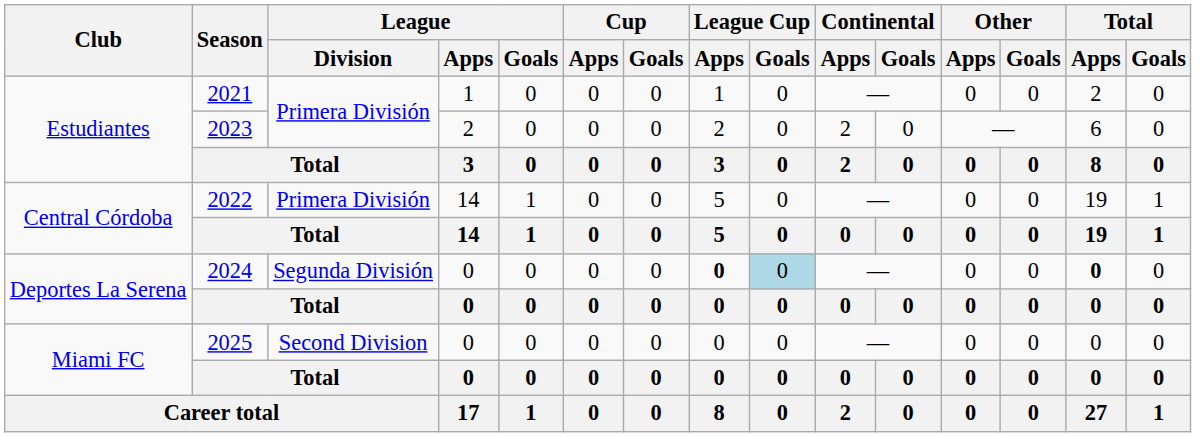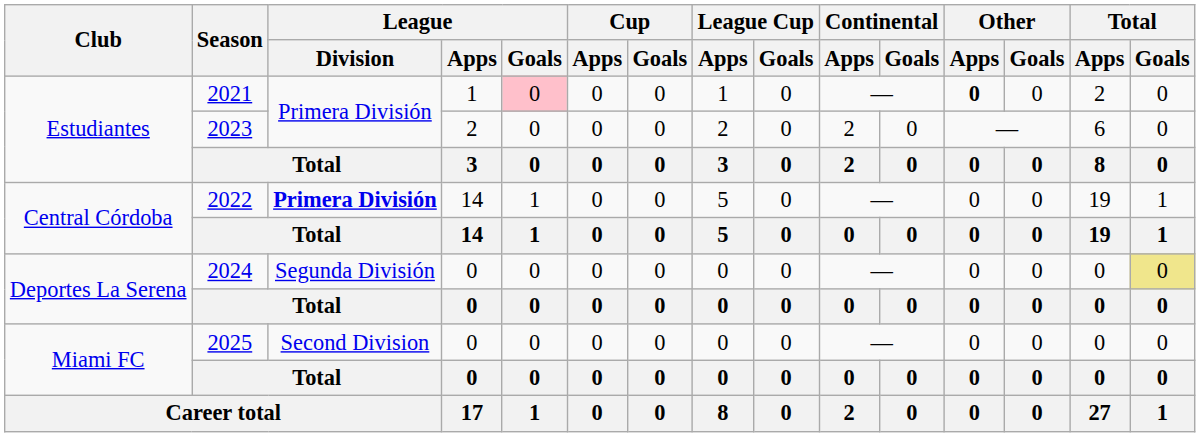 <table class="wikitable" style="text-align:center">
 <tr>
 <th rowspan="2">Club</th>
 <th rowspan="2">Season</th>
 <th colspan="3">League</th>
 <th colspan="2">Cup</th>
 <th colspan="2">League Cup</th>
 <th colspan="2">Continental</th>
 <th colspan="2">Other</th>
 <th colspan="2">Total</th>
 </tr>
 <tr>
 <th>Division</th>
 <th>Apps</th>
 <th>Goals</th>
 <th>Apps</th>
 <th>Goals</th>
 <th>Apps</th>
 <th>Goals</th>
 <th>Apps</th>
 <th>Goals</th>
 <th>Apps</th>
 <th>Goals</th>
 <th>Apps</th>
 <th>Goals</th>
 </tr>
 <tr>
 <td rowspan="3"><a href='#'>Estudiantes</a></td>
 <td><a href='#'>2021</a></td>
 <td rowspan="2"><a href='#'>Primera División</a></td>
 <td>1</td>
-<td>0</td>
+<td style="background: pink;">0</td>
 <td>0</td>
 <td>0</td>
 <td>1</td>
 <td>0</td>
 <td colspan="2">—</td>
-<td>0</td>
+<td><strong>0</strong></td>
 <td>0</td>
 <td>2</td>
 <td>0</td>
 </tr>
 <tr>
 <td><a href='#'>2023</a></td>
 <td>2</td>
 <td>0</td>
 <td>0</td>
 <td>0</td>
 <td>2</td>
 <td>0</td>
 <td>2</td>
 <td>0</td>
 <td colspan="2">—</td>
 <td>6</td>
 <td>0</td>
 </tr>
 <tr>
 <th colspan="2">Total</th>
 <th>3</th>
 <th>0</th>
 <th>0</th>
 <th>0</th>
 <th>3</th>
 <th>0</th>
 <th>2</th>
 <th>0</th>
 <th>0</th>
 <th>0</th>
 <th>8</th>
 <th>0</th>
 </tr>
 <tr>
 <td rowspan="2"><a href='#'>Central Córdoba</a></td>
 <td><a href='#'>2022</a></td>
-<td rowspan="1"><a href='#'>Primera División</a></td>
+<td rowspan="1"><strong><a href='#'>Primera División</a></strong></td>
 <td>14</td>
 <td>1</td>
 <td>0</td>
 <td>0</td>
 <td>5</td>
 <td>0</td>
 <td colspan="2">—</td>
 <td>0</td>
 <td>0</td>
 <td>19</td>
 <td>1</td>
 </tr>
 <tr>
 <th colspan="2">Total</th>
 <th>14</th>
 <th>1</th>
 <th>0</th>
 <th>0</th>
 <th>5</th>
 <th>0</th>
 <th>0</th>
 <th>0</th>
 <th>0</th>
 <th>0</th>
 <th>19</th>
 <th>1</th>
 </tr>
 <tr>
 <td rowspan="2"><a href='#'>Deportes La Serena</a></td>
 <td><a href='#'>2024</a></td>
 <td rowspan="1"><a href='#'>Segunda División</a></td>
 <td>0</td>
 <td>0</td>
 <td>0</td>
 <td>0</td>
-<td><strong>0</strong></td>
-<td style="background: lightblue;">0</td>
+<td>0</td>
+<td>0</td>
 <td colspan="2">—</td>
 <td>0</td>
 <td>0</td>
-<td><strong>0</strong></td>
 <td>0</td>
+<td style="background: khaki;">0</td>
 </tr>
 <tr>
 <th colspan="2">Total</th>
 <th>0</th>
 <th>0</th>
 <th>0</th>
 <th>0</th>
 <th>0</th>
 <th>0</th>
 <th>0</th>
 <th>0</th>
 <th>0</th>
 <th>0</th>
 <th>0</th>
 <th>0</th>
 </tr>
 <tr>
 <td rowspan="2"><a href='#'>Miami FC</a></td>
 <td><a href='#'>2025</a></td>
 <td rowspan="1"><a href='#'>Second Division</a></td>
 <td>0</td>
 <td>0</td>
 <td>0</td>
 <td>0</td>
 <td>0</td>
 <td>0</td>
 <td colspan="2">—</td>
 <td>0</td>
 <td>0</td>
 <td>0</td>
 <td>0</td>
 </tr>
 <tr>
 <th colspan="2">Total</th>
 <th>0</th>
 <th>0</th>
 <th>0</th>
 <th>0</th>
 <th>0</th>
 <th>0</th>
 <th>0</th>
 <th>0</th>
 <th>0</th>
 <th>0</th>
 <th>0</th>
 <th>0</th>
 </tr>
 <tr>
 <th colspan="3">Career total</th>
 <th>17</th>
 <th>1</th>
 <th>0</th>
 <th>0</th>
 <th>8</th>
 <th>0</th>
 <th>2</th>
 <th>0</th>
 <th>0</th>
 <th>0</th>
 <th>27</th>
 <th>1</th>
 </tr>
 </table>
